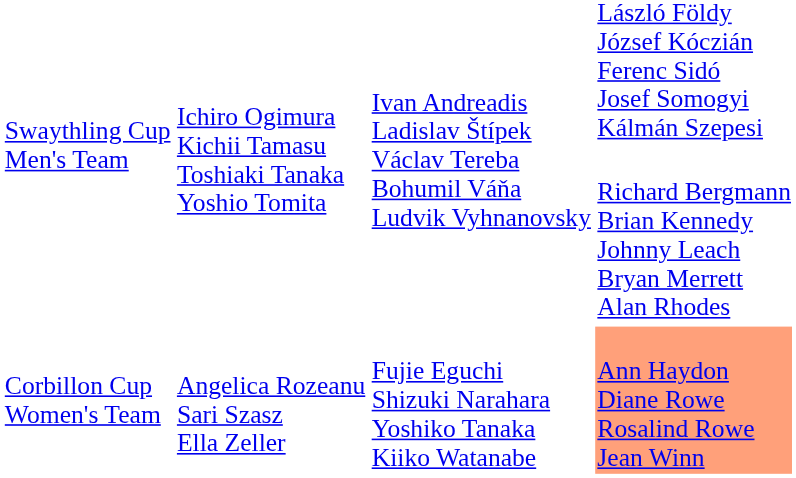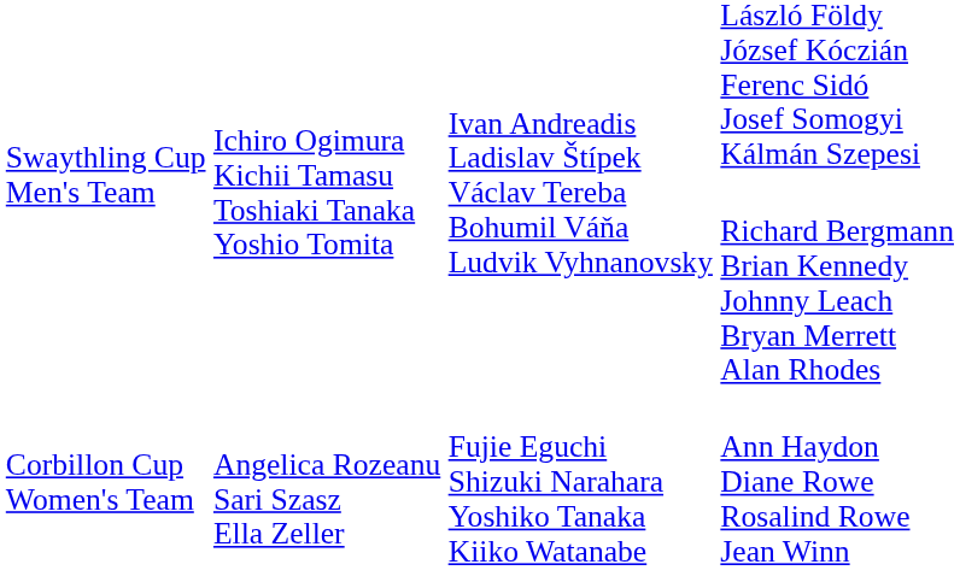 <table>
 <tr>
 <td rowspan=2><a href='#'>Swaythling Cup<br>Men's Team</a></td>
 <td rowspan=2><br><a href='#'>Ichiro Ogimura</a><br><a href='#'>Kichii Tamasu</a><br><a href='#'>Toshiaki Tanaka</a><br><a href='#'>Yoshio Tomita</a></td>
 <td rowspan=2><br><a href='#'>Ivan Andreadis</a><br><a href='#'>Ladislav Štípek</a><br><a href='#'>Václav Tereba</a><br><a href='#'>Bohumil Váňa</a><br><a href='#'>Ludvik Vyhnanovsky</a></td>
 <td><br><a href='#'>László Földy</a><br><a href='#'>József Kóczián</a><br><a href='#'>Ferenc Sidó</a><br><a href='#'>Josef Somogyi</a><br><a href='#'>Kálmán Szepesi</a></td>
 </tr>
 <tr>
 <td><br><a href='#'>Richard Bergmann</a><br><a href='#'>Brian Kennedy</a><br><a href='#'>Johnny Leach</a><br><a href='#'>Bryan Merrett</a><br><a href='#'>Alan Rhodes</a></td>
 </tr>
 <tr>
 <td><a href='#'>Corbillon Cup<br>Women's Team</a></td>
 <td><br><a href='#'>Angelica Rozeanu</a><br><a href='#'>Sari Szasz</a><br><a href='#'>Ella Zeller</a></td>
 <td><br><a href='#'>Fujie Eguchi</a><br><a href='#'>Shizuki Narahara</a><br><a href='#'>Yoshiko Tanaka</a><br><a href='#'>Kiiko Watanabe</a></td>
-<td style="background: lightsalmon;"><br><a href='#'>Ann Haydon</a><br><a href='#'>Diane Rowe</a><br><a href='#'>Rosalind Rowe</a><br><a href='#'>Jean Winn</a></td>
+<td><br><a href='#'>Ann Haydon</a><br><a href='#'>Diane Rowe</a><br><a href='#'>Rosalind Rowe</a><br><a href='#'>Jean Winn</a></td>
 </tr>
 </table>
